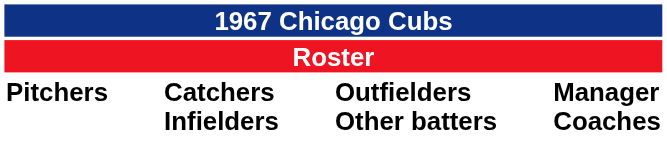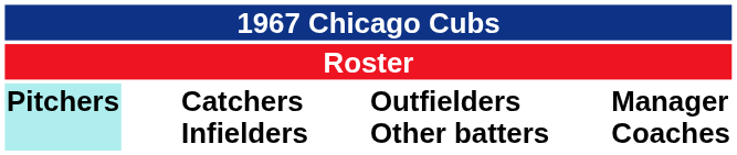 <table class="toccolours" style="font-size: 95%;">
 <tr>
 <th colspan="10" style="background-color: #0e3386; color: white; text-align: center;">1967 Chicago Cubs</th>
 </tr>
 <tr>
 <td colspan="10" style="background-color: #EE1422; color: #FFFFFF; text-align: center;"><strong>Roster</strong></td>
 </tr>
 <tr>
-<td valign="top"><strong>Pitchers</strong><br>                    </td>
+<td valign="top" style="background: paleturquoise;"><strong>Pitchers</strong><br>                    </td>
 <td width="25px"></td>
 <td valign="top"><strong>Catchers</strong><br>   <strong>Infielders</strong>      </td>
 <td width="25px"></td>
 <td valign="top"><strong>Outfielders</strong><br>           <strong>Other batters</strong>  </td>
 <td width="25px"></td>
 <td valign="top"><strong>Manager</strong><br> <strong>Coaches</strong>    </td>
 </tr>
 <tr>
 </tr>
 </table>
